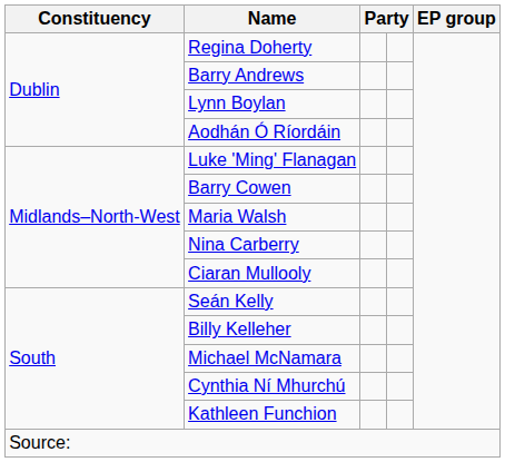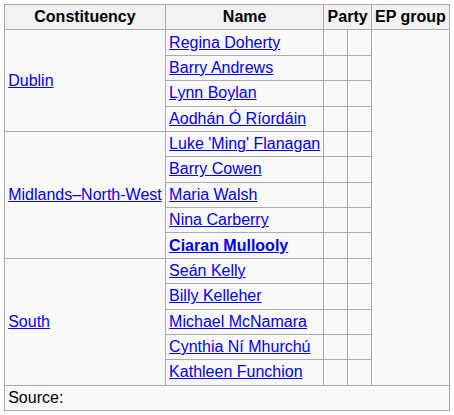 <table class=wikitable>
 <tr>
 <th>Constituency</th>
 <th>Name</th>
 <th colspan=2>Party</th>
 <th colspan=2>EP group</th>
 </tr>
 <tr>
 <td rowspan=4><a href='#'>Dublin</a></td>
 <td><a href='#'>Regina Doherty</a></td>
 <td></td>
 <td></td>
 </tr>
 <tr>
 <td><a href='#'>Barry Andrews</a></td>
 <td></td>
 <td></td>
 </tr>
 <tr>
 <td><a href='#'>Lynn Boylan</a></td>
 <td></td>
 <td></td>
 </tr>
 <tr>
 <td><a href='#'>Aodhán Ó Ríordáin</a></td>
 <td></td>
 <td></td>
 </tr>
 <tr>
 <td rowspan=5><a href='#'>Midlands–North-West</a></td>
 <td><a href='#'>Luke 'Ming' Flanagan</a></td>
 <td></td>
 <td></td>
 </tr>
 <tr>
 <td><a href='#'>Barry Cowen</a></td>
 <td></td>
 <td></td>
 </tr>
 <tr>
 <td><a href='#'>Maria Walsh</a></td>
 <td></td>
 <td></td>
 </tr>
 <tr>
 <td><a href='#'>Nina Carberry</a></td>
 <td></td>
 <td></td>
 </tr>
 <tr>
-<td><a href='#'>Ciaran Mullooly</a></td>
+<td><strong><a href='#'>Ciaran Mullooly</a></strong></td>
 <td></td>
 <td></td>
 </tr>
 <tr>
 <td rowspan=5><a href='#'>South</a></td>
 <td><a href='#'>Seán Kelly</a></td>
 <td></td>
 <td></td>
 </tr>
 <tr>
 <td><a href='#'>Billy Kelleher</a></td>
 <td></td>
 <td></td>
 </tr>
 <tr>
 <td><a href='#'>Michael McNamara</a></td>
 <td></td>
 <td></td>
 </tr>
 <tr>
 <td><a href='#'>Cynthia Ní Mhurchú</a></td>
 <td></td>
 <td></td>
 </tr>
 <tr>
 <td><a href='#'>Kathleen Funchion</a></td>
 <td></td>
 <td></td>
 </tr>
 <tr>
 <td colspan="10">Source: </td>
 </tr>
 </table>
